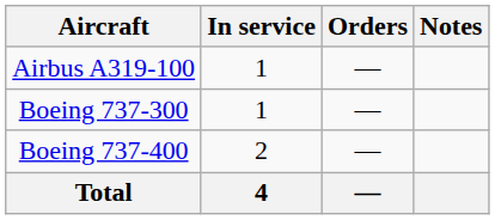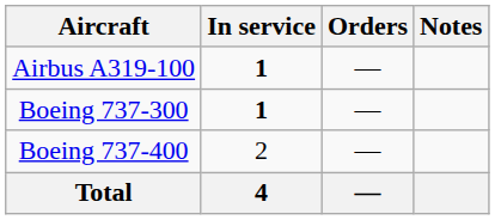 <table class="wikitable" style="margin:1em auto; text-align:center;">
 <tr bgcolor=white>
 <th>Aircraft</th>
 <th>In service</th>
 <th>Orders</th>
 <th>Notes</th>
 </tr>
 <tr>
 <td><a href='#'>Airbus A319-100</a></td>
-<td>1</td>
+<td><strong>1</strong></td>
 <td>—</td>
 <td></td>
 </tr>
 <tr>
 <td><a href='#'>Boeing 737-300</a></td>
-<td>1</td>
+<td><strong>1</strong></td>
 <td>—</td>
 <td></td>
 </tr>
 <tr>
 <td><a href='#'>Boeing 737-400</a></td>
 <td>2</td>
 <td>—</td>
 <td></td>
 </tr>
 <tr>
 <th>Total</th>
 <th>4</th>
 <th>—</th>
 <th colspan="3"></th>
 </tr>
 </table>
